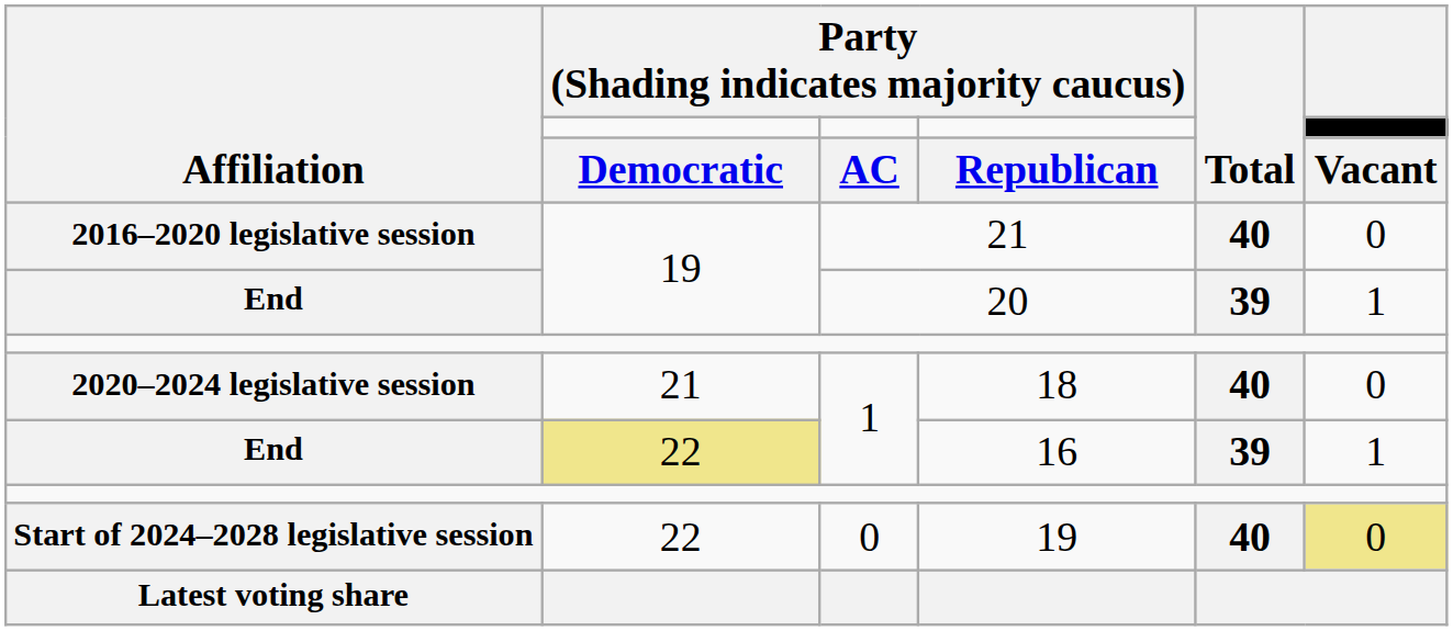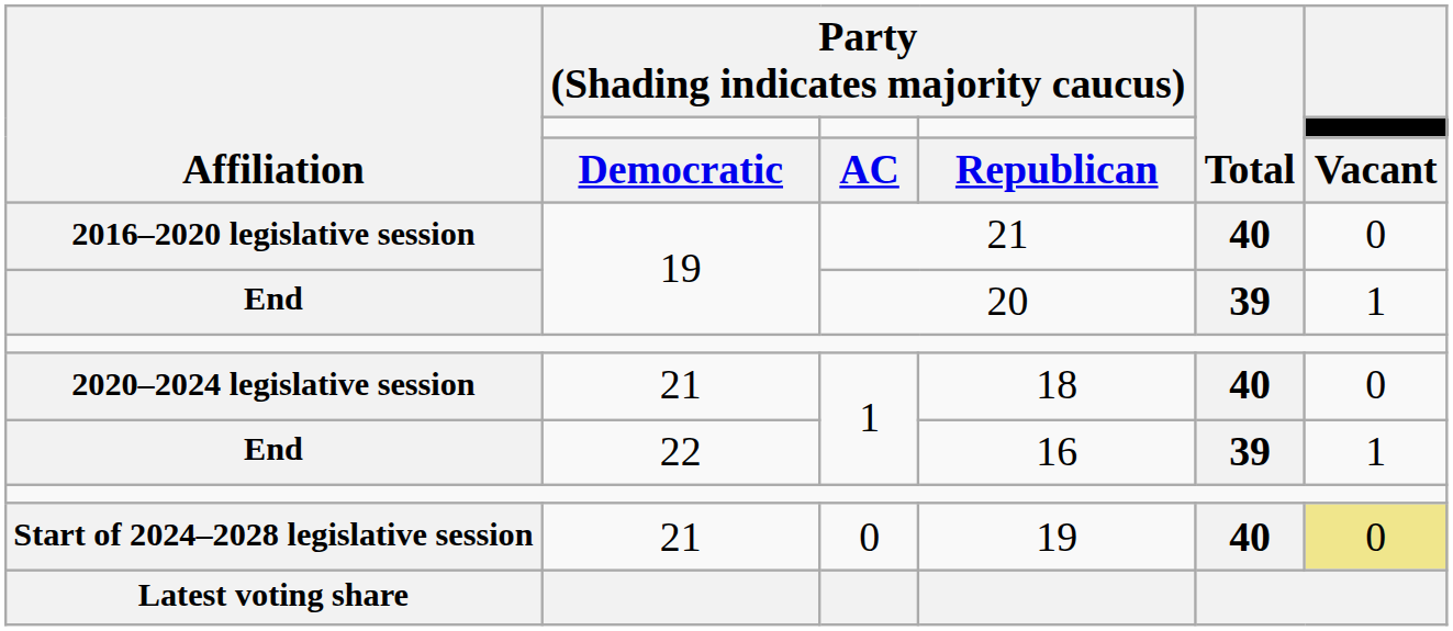 <table class=wikitable style="text-align:center">
 <tr style="vertical-align:bottom;">
 <th rowspan=3>Affiliation</th>
 <th colspan="3">Party <div>(Shading indicates majority caucus)</div></th>
 <th rowspan=3>Total</th>
 <th></th>
 </tr>
 <tr style="height:5px">
 <td style="background-color:"></td>
 <td></td>
 <td style="background-color:"></td>
 <td style="background-color:black"></td>
 </tr>
 <tr>
 <th><a href='#'>Democratic</a></th>
 <th><a href='#'>AC</a></th>
 <th><a href='#'>Republican</a></th>
 <th>Vacant</th>
 </tr>
 <tr>
 <th nowrap style="font-size:80%">2016–2020 legislative session</th>
 <td rowspan=2>19</td>
 <td colspan="2" >21</td>
 <th>40</th>
 <td>0</td>
 </tr>
 <tr>
 <th nowrap style="font-size:80%">End</th>
 <td colspan="2" >20</td>
 <th>39</th>
 <td>1</td>
 </tr>
 <tr>
 <td colspan="6"></td>
 </tr>
 <tr>
 <th nowrap style="font-size:80%">2020–2024 legislative session</th>
 <td>21</td>
 <td rowspan=2>1</td>
 <td>18</td>
 <th>40</th>
 <td>0</td>
 </tr>
 <tr>
 <th nowrap style="font-size:80%">End</th>
-<td style="background: khaki;">22</td>
+<td>22</td>
 <td>16</td>
 <th>39</th>
 <td>1</td>
 </tr>
 <tr>
 <td colspan="6"></td>
 </tr>
 <tr>
 <th nowrap style="font-size:80%">Start of 2024–2028 legislative session</th>
-<td>22</td>
+<td>21</td>
 <td>0</td>
 <td>19</td>
 <th>40</th>
 <td style="background: khaki;">0</td>
 </tr>
 <tr>
 <th nowrap style="font-size:80%">Latest voting share</th>
 <th></th>
 <th></th>
 <th></th>
 <th colspan=2></th>
 </tr>
 </table>
